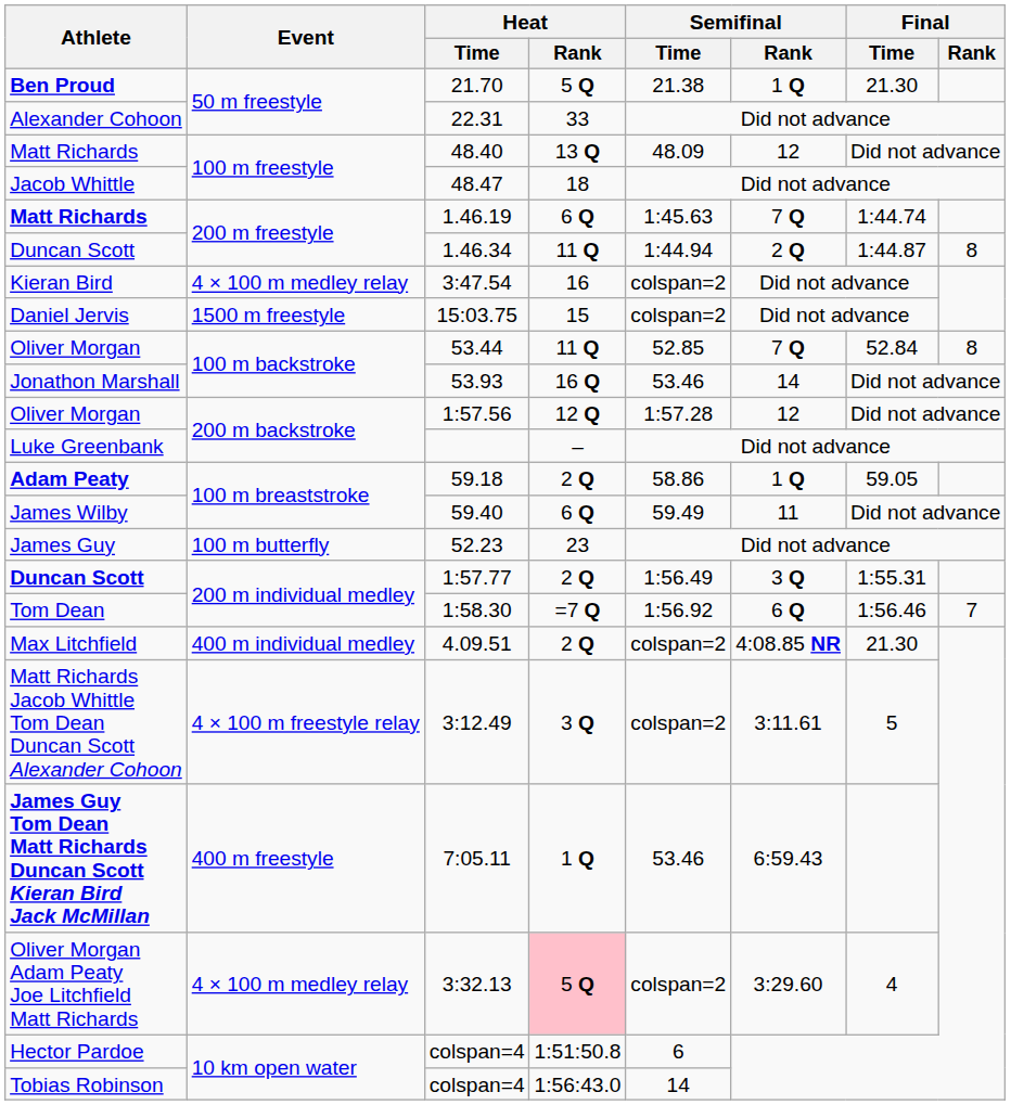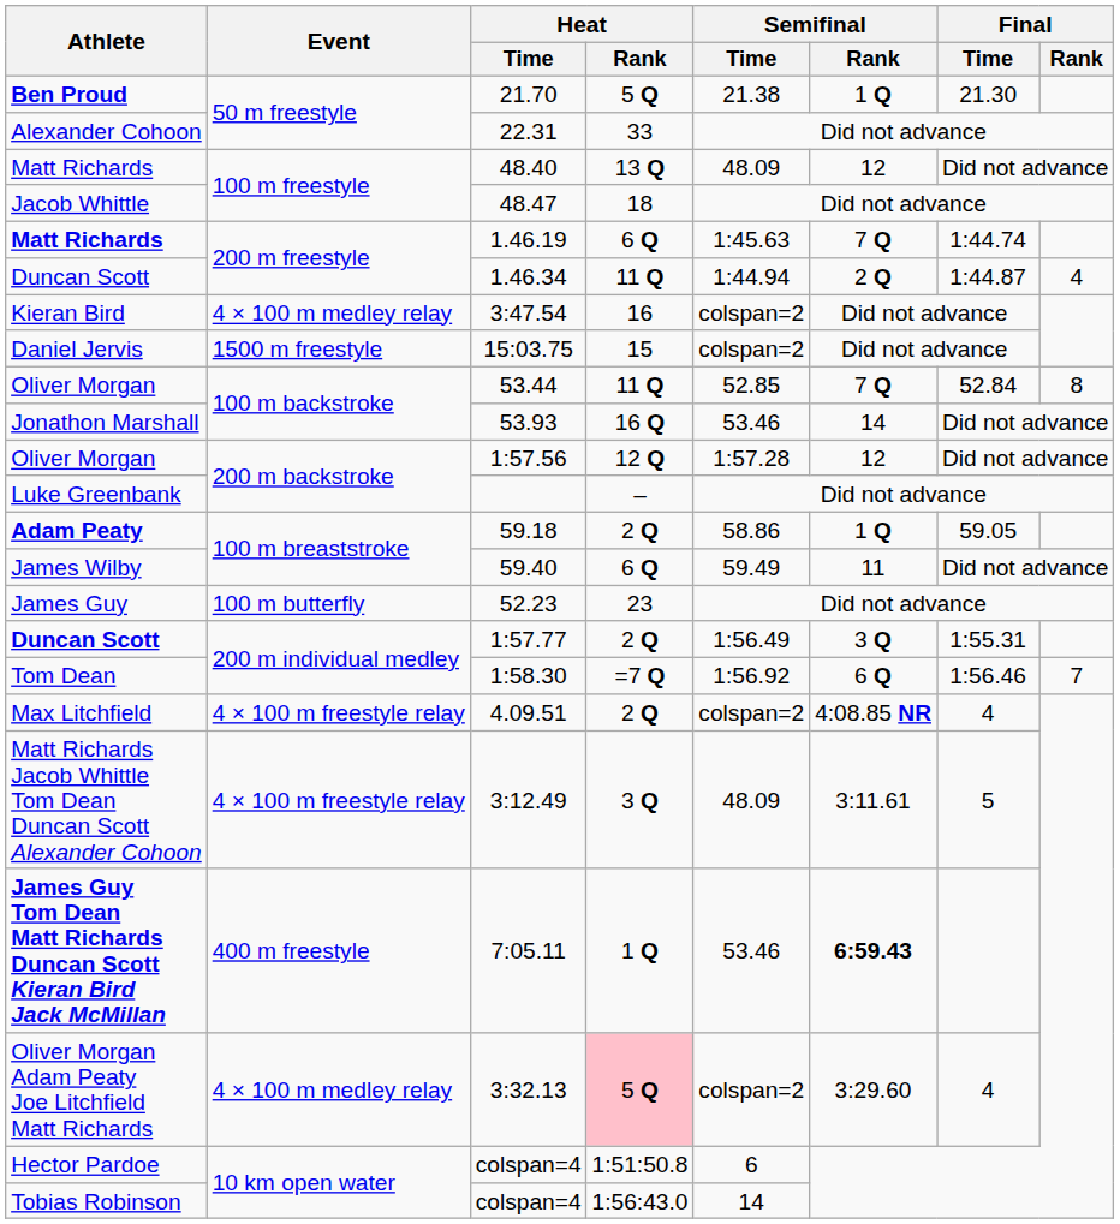 <table class=wikitable style="font-size:90%;">
 <tr>
 <th rowspan=2>Athlete</th>
 <th rowspan=2>Event</th>
 <th colspan=2>Heat</th>
 <th colspan=2>Semifinal</th>
 <th colspan=2>Final</th>
 </tr>
 <tr style="font-size:95%">
 <th>Time</th>
 <th>Rank</th>
 <th>Time</th>
 <th>Rank</th>
 <th>Time</th>
 <th>Rank</th>
 </tr>
 <tr align=center>
 <td align=left><strong><a href='#'>Ben Proud</a></strong></td>
 <td align=left rowspan=2><a href='#'>50 m freestyle</a></td>
 <td>21.70</td>
 <td>5 <strong>Q</strong></td>
 <td>21.38</td>
 <td>1 <strong>Q</strong></td>
 <td>21.30</td>
 <td></td>
 </tr>
 <tr align=center>
 <td align=left><a href='#'>Alexander Cohoon</a></td>
 <td>22.31</td>
 <td>33</td>
 <td colspan=4>Did not advance</td>
 </tr>
 <tr align=center>
 <td align=left><a href='#'>Matt Richards</a></td>
 <td align=left rowspan=2><a href='#'>100 m freestyle</a></td>
 <td>48.40</td>
 <td>13 <strong>Q</strong></td>
 <td>48.09</td>
 <td>12</td>
 <td colspan=2>Did not advance</td>
 </tr>
 <tr align=center>
 <td align=left><a href='#'>Jacob Whittle</a></td>
 <td>48.47</td>
 <td>18</td>
 <td colspan=4>Did not advance</td>
 </tr>
 <tr align=center>
 <td align=left><strong><a href='#'>Matt Richards</a></strong></td>
 <td align=left rowspan=2><a href='#'>200 m freestyle</a></td>
 <td>1.46.19</td>
 <td>6 <strong>Q</strong></td>
 <td>1:45.63</td>
 <td>7 <strong>Q</strong></td>
 <td>1:44.74</td>
 <td></td>
 </tr>
 <tr align=center>
 <td align=left><a href='#'>Duncan Scott</a></td>
 <td>1.46.34</td>
 <td>11 <strong>Q</strong></td>
 <td>1:44.94</td>
 <td>2 <strong>Q</strong></td>
 <td>1:44.87</td>
-<td>8</td>
+<td>4</td>
 </tr>
 <tr align=center>
 <td align=left><a href='#'>Kieran Bird</a></td>
 <td align=left><a href='#'>4 × 100 m medley relay</a></td>
 <td>3:47.54</td>
 <td>16</td>
 <td>colspan=2 </td>
 <td colspan="2">Did not advance</td>
 </tr>
 <tr align=center>
 <td align=left><a href='#'>Daniel Jervis</a></td>
 <td align=left><a href='#'>1500 m freestyle</a></td>
 <td>15:03.75</td>
 <td>15</td>
 <td>colspan=2 </td>
 <td colspan="2">Did not advance</td>
 </tr>
 <tr align=center>
 <td align=left><a href='#'>Oliver Morgan</a></td>
 <td align=left rowspan=2><a href='#'>100 m backstroke</a></td>
 <td>53.44</td>
 <td>11 <strong>Q</strong></td>
 <td>52.85</td>
 <td>7 <strong>Q</strong></td>
 <td>52.84</td>
 <td>8</td>
 </tr>
 <tr align=center>
 <td align=left><a href='#'>Jonathon Marshall</a></td>
 <td>53.93</td>
 <td>16 <strong>Q</strong></td>
 <td>53.46</td>
 <td>14</td>
 <td colspan="2">Did not advance</td>
 </tr>
 <tr align=center>
 <td align=left><a href='#'>Oliver Morgan</a></td>
 <td align=left rowspan=2><a href='#'>200 m backstroke</a></td>
 <td>1:57.56</td>
 <td>12 <strong>Q</strong></td>
 <td>1:57.28</td>
 <td>12</td>
 <td colspan=2>Did not advance</td>
 </tr>
 <tr align=center>
 <td align=left><a href='#'>Luke Greenbank</a></td>
 <td></td>
 <td>–</td>
 <td colspan=4>Did not advance</td>
 </tr>
 <tr align=center>
 <td align=left><strong><a href='#'>Adam Peaty</a></strong></td>
 <td align=left rowspan=2><a href='#'>100 m breaststroke</a></td>
 <td>59.18</td>
 <td>2 <strong>Q</strong></td>
 <td>58.86</td>
 <td>1 <strong>Q</strong></td>
 <td>59.05</td>
 <td></td>
 </tr>
 <tr align=center>
 <td align=left><a href='#'>James Wilby</a></td>
 <td>59.40</td>
 <td>6 <strong>Q</strong></td>
 <td>59.49</td>
 <td>11</td>
 <td colspan="2">Did not advance</td>
 </tr>
 <tr align=center>
 <td align=left><a href='#'>James Guy</a></td>
 <td align=left><a href='#'>100 m butterfly</a></td>
 <td>52.23</td>
 <td>23</td>
 <td colspan=4>Did not advance</td>
 </tr>
 <tr align=center>
 <td align=left><a href='#'><strong>Duncan Scott</strong></a></td>
 <td align=left rowspan=2><a href='#'>200 m individual medley</a></td>
 <td>1:57.77</td>
 <td>2 <strong>Q</strong></td>
 <td>1:56.49</td>
 <td>3 <strong>Q</strong></td>
 <td>1:55.31</td>
 <td></td>
 </tr>
 <tr align=center>
 <td align=left><a href='#'>Tom Dean</a></td>
 <td>1:58.30</td>
 <td>=7 <strong>Q</strong></td>
 <td>1:56.92</td>
 <td>6 <strong>Q</strong></td>
 <td>1:56.46</td>
 <td>7</td>
 </tr>
 <tr align=center>
 <td align=left><a href='#'>Max Litchfield</a></td>
-<td align=left><a href='#'>400 m individual medley</a></td>
+<td align=left><a href='#'>4 × 100 m freestyle relay</a></td>
 <td>4.09.51</td>
 <td>2 <strong>Q</strong></td>
 <td>colspan=2 </td>
 <td>4:08.85 <strong><a href='#'>NR</a></strong></td>
-<td>21.30</td>
+<td>4</td>
 </tr>
 <tr align=center>
 <td align=left><a href='#'>Matt Richards</a><br><a href='#'>Jacob Whittle</a><br><a href='#'>Tom Dean</a><br><a href='#'>Duncan Scott</a><br><em><a href='#'>Alexander Cohoon</a></em></td>
 <td align=left><a href='#'>4 × 100 m freestyle relay</a></td>
 <td>3:12.49</td>
 <td>3 <strong>Q</strong></td>
-<td>colspan=2 </td>
+<td>48.09</td>
 <td>3:11.61</td>
 <td>5</td>
 </tr>
 <tr align=center>
 <td align=left><strong><a href='#'>James Guy</a></strong><br><strong><a href='#'>Tom Dean</a></strong><br><strong><a href='#'>Matt Richards</a></strong><br><strong><a href='#'>Duncan Scott</a></strong><br><strong><em><a href='#'>Kieran Bird</a></em></strong><br><strong><a href='#'><em>Jack McMillan</em></a></strong></td>
 <td align=left><a href='#'>400 m freestyle</a></td>
 <td>7:05.11</td>
 <td>1 <strong>Q</strong></td>
 <td>53.46</td>
-<td>6:59.43</td>
+<td><strong>6:59.43</strong></td>
 <td></td>
 </tr>
 <tr align=center>
 <td align=left><a href='#'>Oliver Morgan</a><br><a href='#'>Adam Peaty</a><br><a href='#'>Joe Litchfield</a><br><a href='#'>Matt Richards</a></td>
 <td align=left><a href='#'>4 × 100 m medley relay</a></td>
 <td>3:32.13</td>
 <td style="background: pink;">5 <strong>Q</strong></td>
 <td>colspan=2 </td>
 <td>3:29.60</td>
 <td>4</td>
 </tr>
 <tr align=center>
 <td align=left><a href='#'>Hector Pardoe</a></td>
 <td align=left rowspan=2><a href='#'>10 km open water</a></td>
 <td>colspan=4 </td>
 <td>1:51:50.8</td>
 <td>6</td>
 </tr>
 <tr align=center>
 <td align=left><a href='#'>Tobias Robinson</a></td>
 <td>colspan=4 </td>
 <td>1:56:43.0</td>
 <td>14</td>
 </tr>
 </table>
